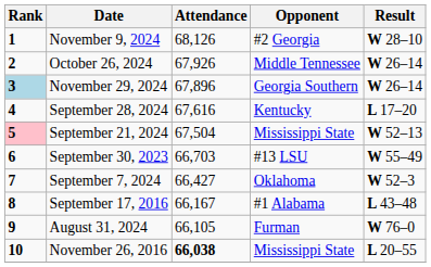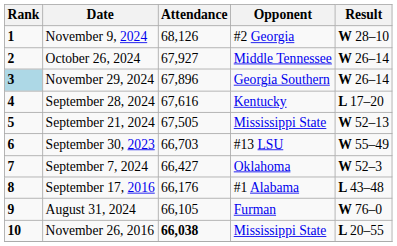 <table class="wikitable">
 <tr>
 <th>Rank</th>
 <th>Date</th>
 <th>Attendance</th>
 <th>Opponent</th>
 <th>Result</th>
 </tr>
 <tr>
 <td><strong> 1 </strong></td>
 <td>November 9, <a href='#'>2024</a></td>
 <td>68,126</td>
 <td>#2 <a href='#'>Georgia</a></td>
 <td><strong>W</strong> 28–10</td>
 </tr>
 <tr>
 <td><strong> 2 </strong></td>
 <td>October 26, 2024</td>
-<td>67,926</td>
+<td>67,927</td>
 <td><a href='#'>Middle Tennessee</a></td>
 <td><strong> W </strong> 26–14</td>
 </tr>
 <tr>
 <td style="background: lightblue;"><strong> 3 </strong></td>
 <td>November 29, 2024</td>
 <td>67,896</td>
 <td><a href='#'>Georgia Southern</a></td>
 <td><strong> W </strong> 26–14</td>
 </tr>
 <tr>
 <td><strong> 4 </strong></td>
 <td>September 28, 2024</td>
 <td>67,616</td>
 <td><a href='#'>Kentucky</a></td>
 <td><strong> L </strong> 17–20</td>
 </tr>
 <tr>
-<td style="background: pink;"><strong> 5 </strong></td>
+<td><strong> 5 </strong></td>
 <td>September 21, 2024</td>
-<td>67,504</td>
+<td>67,505</td>
 <td><a href='#'>Mississippi State</a></td>
 <td><strong> W </strong> 52–13</td>
 </tr>
 <tr>
 <td><strong> 6 </strong></td>
 <td>September 30, <a href='#'>2023</a></td>
 <td>66,703</td>
 <td>#13 <a href='#'>LSU</a></td>
 <td><strong> W </strong> 55–49</td>
 </tr>
 <tr>
 <td><strong> 7 </strong></td>
 <td>September 7, 2024</td>
 <td>66,427</td>
 <td><a href='#'>Oklahoma</a></td>
 <td><strong> W </strong> 52–3</td>
 </tr>
 <tr>
 <td><strong> 8 </strong></td>
 <td>September 17, <a href='#'>2016</a></td>
-<td>66,167</td>
+<td>66,176</td>
 <td>#1 <a href='#'>Alabama</a></td>
 <td><strong> L </strong> 43–48</td>
 </tr>
 <tr>
 <td><strong> 9 </strong></td>
 <td>August 31, 2024</td>
 <td>66,105</td>
 <td><a href='#'>Furman</a></td>
 <td><strong> W </strong> 76–0</td>
 </tr>
 <tr>
 <td><strong> 10 </strong></td>
 <td>November 26, 2016</td>
 <td><strong>66,038</strong></td>
 <td><a href='#'>Mississippi State</a></td>
 <td><strong> L </strong> 20–55</td>
 </tr>
 <tr>
 </tr>
 </table>
